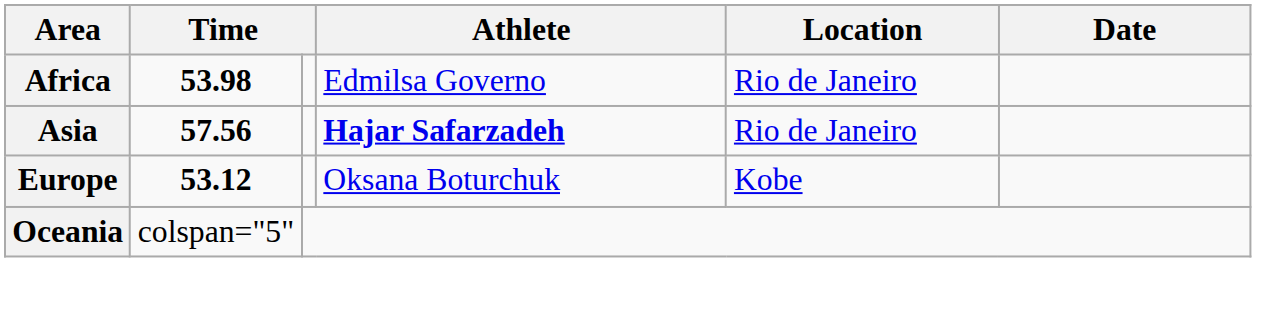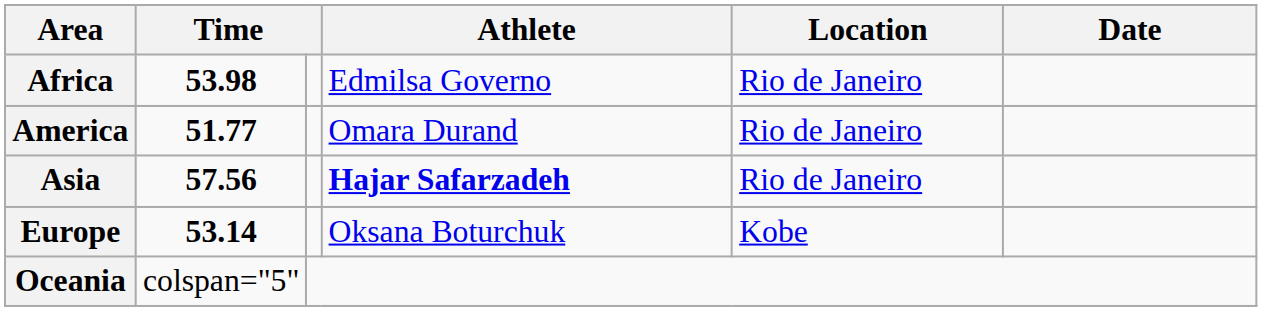 <table class="wikitable">
 <tr>
 <th width="45">Area</th>
 <th width="80" colspan="2">Time</th>
 <th width="200">Athlete</th>
 <th width="130">Location</th>
 <th width="120">Date</th>
 </tr>
 <tr>
 <th>Africa</th>
 <td align="center"><strong>53.98</strong></td>
 <td align="center"></td>
 <td> <a href='#'>Edmilsa Governo</a></td>
 <td> <a href='#'>Rio de Janeiro</a></td>
 <td align="right"></td>
 </tr>
 <tr>
+<th>America</th>
+<td align="center"><strong>51.77</strong></td>
+<td align="center"><strong></strong></td>
+<td> <a href='#'>Omara Durand</a></td>
+<td> <a href='#'>Rio de Janeiro</a></td>
+<td align="right"></td>
+</tr>
+<tr>
 <th>Asia</th>
 <td align="center"><strong>57.56</strong></td>
 <td align="center"></td>
 <td><strong> <a href='#'>Hajar Safarzadeh</a></strong></td>
 <td> <a href='#'>Rio de Janeiro</a></td>
 <td align="right"></td>
 </tr>
 <tr>
 <th>Europe</th>
-<td align="center"><strong>53.12</strong></td>
+<td align="center"><strong>53.14</strong></td>
 <td align="center"></td>
 <td> <a href='#'>Oksana Boturchuk</a></td>
 <td> <a href='#'>Kobe</a></td>
 <td align="right"></td>
 </tr>
 <tr>
 <th>Oceania</th>
 <td>colspan="5" </td>
 </tr>
 </table>
